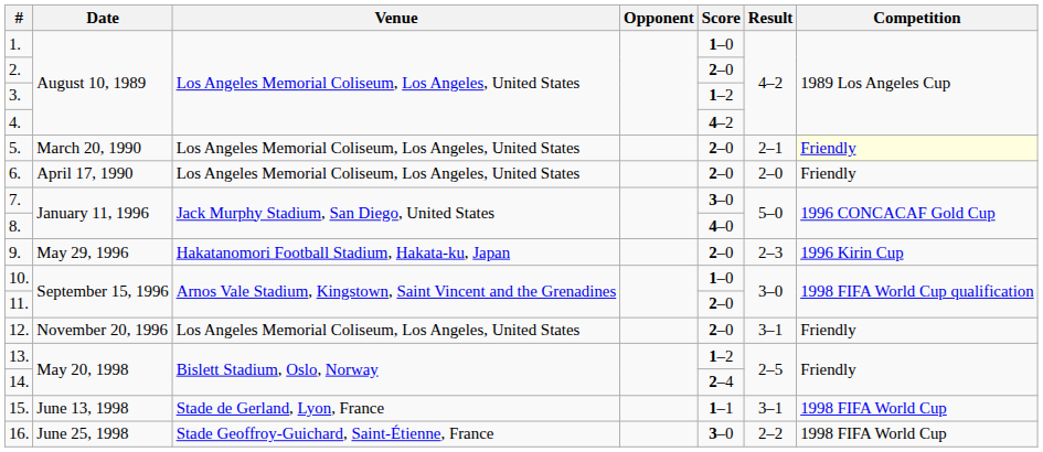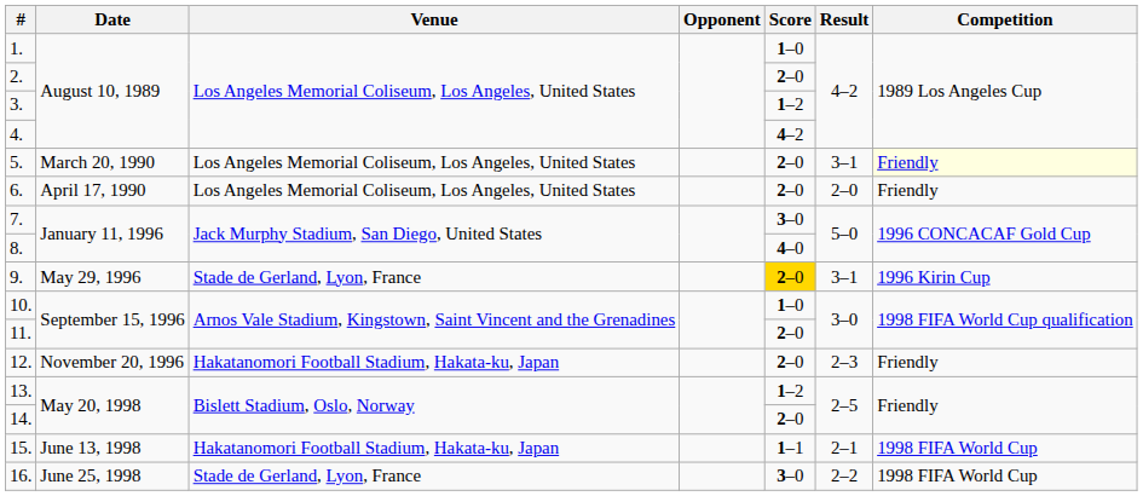 <table class="wikitable">
 <tr>
 <th>#</th>
 <th>Date</th>
 <th>Venue</th>
 <th>Opponent</th>
 <th>Score</th>
 <th>Result</th>
 <th>Competition</th>
 </tr>
 <tr>
 <td>1.</td>
 <td rowspan="4">August 10, 1989</td>
 <td rowspan="4"><a href='#'>Los Angeles Memorial Coliseum</a>, <a href='#'>Los Angeles</a>, United States</td>
 <td rowspan="4"></td>
 <td align=center><strong>1</strong>–0</td>
 <td align=center rowspan="4">4–2</td>
 <td rowspan="4">1989 Los Angeles Cup</td>
 </tr>
 <tr>
 <td>2.</td>
 <td align=center><strong>2</strong>–0</td>
 </tr>
 <tr>
 <td>3.</td>
 <td align=center><strong>1</strong>–2</td>
 </tr>
 <tr>
 <td>4.</td>
 <td align=center><strong>4</strong>–2</td>
 </tr>
 <tr>
 <td>5.</td>
 <td>March 20, 1990</td>
 <td>Los Angeles Memorial Coliseum, Los Angeles, United States</td>
 <td></td>
 <td align=center><strong>2</strong>–0</td>
-<td align=center>2–1</td>
+<td align=center>3–1</td>
 <td style="background: lightyellow;"><a href='#'>Friendly</a></td>
 </tr>
 <tr>
 <td>6.</td>
 <td>April 17, 1990</td>
 <td>Los Angeles Memorial Coliseum, Los Angeles, United States</td>
 <td></td>
 <td align=center><strong>2</strong>–0</td>
 <td align=center>2–0</td>
 <td>Friendly</td>
 </tr>
 <tr>
 <td>7.</td>
 <td rowspan="2">January 11, 1996</td>
 <td rowspan="2"><a href='#'>Jack Murphy Stadium</a>, <a href='#'>San Diego</a>, United States</td>
 <td rowspan="2"></td>
 <td align=center><strong>3</strong>–0</td>
 <td align=center rowspan="2">5–0</td>
 <td rowspan="2"><a href='#'>1996 CONCACAF Gold Cup</a></td>
 </tr>
 <tr>
 <td>8.</td>
 <td align=center><strong>4</strong>–0</td>
 </tr>
 <tr>
 <td>9.</td>
 <td>May 29, 1996</td>
-<td><a href='#'>Hakatanomori Football Stadium</a>, <a href='#'>Hakata-ku</a>, <a href='#'>Japan</a></td>
+<td><a href='#'>Stade de Gerland</a>, <a href='#'>Lyon</a>, France</td>
 <td></td>
-<td align=center><strong>2</strong>–0</td>
-<td align=center>2–3</td>
+<td align=center style="background: gold;"><strong>2</strong>–0</td>
+<td align=center>3–1</td>
 <td><a href='#'>1996 Kirin Cup</a></td>
 </tr>
 <tr>
 <td>10.</td>
 <td rowspan="2">September 15, 1996</td>
 <td rowspan="2"><a href='#'>Arnos Vale Stadium</a>, <a href='#'>Kingstown</a>, <a href='#'>Saint Vincent and the Grenadines</a></td>
 <td rowspan="2"></td>
 <td align=center><strong>1</strong>–0</td>
 <td align=center rowspan="2">3–0</td>
 <td rowspan="2"><a href='#'>1998 FIFA World Cup qualification</a></td>
 </tr>
 <tr>
 <td>11.</td>
 <td align=center><strong>2</strong>–0</td>
 </tr>
 <tr>
 <td>12.</td>
 <td>November 20, 1996</td>
-<td>Los Angeles Memorial Coliseum, Los Angeles, United States</td>
+<td><a href='#'>Hakatanomori Football Stadium</a>, <a href='#'>Hakata-ku</a>, <a href='#'>Japan</a></td>
 <td></td>
 <td align=center><strong>2</strong>–0</td>
-<td align=center>3–1</td>
+<td align=center>2–3</td>
 <td>Friendly</td>
 </tr>
 <tr>
 <td>13.</td>
 <td rowspan="2">May 20, 1998</td>
 <td rowspan="2"><a href='#'>Bislett Stadium</a>, <a href='#'>Oslo</a>, <a href='#'>Norway</a></td>
 <td rowspan="2"></td>
 <td align=center><strong>1</strong>–2</td>
 <td align=center rowspan="2">2–5</td>
 <td rowspan="2">Friendly</td>
 </tr>
 <tr>
 <td>14.</td>
-<td align=center><strong>2</strong>–4</td>
+<td align=center><strong>2</strong>–0</td>
 </tr>
 <tr>
 <td>15.</td>
 <td>June 13, 1998</td>
-<td><a href='#'>Stade de Gerland</a>, <a href='#'>Lyon</a>, France</td>
+<td><a href='#'>Hakatanomori Football Stadium</a>, <a href='#'>Hakata-ku</a>, <a href='#'>Japan</a></td>
 <td></td>
 <td align=center><strong>1</strong>–1</td>
-<td align=center>3–1</td>
+<td align=center>2–1</td>
 <td><a href='#'>1998 FIFA World Cup</a></td>
 </tr>
 <tr>
 <td>16.</td>
 <td>June 25, 1998</td>
-<td><a href='#'>Stade Geoffroy-Guichard</a>, <a href='#'>Saint-Étienne</a>, France</td>
+<td><a href='#'>Stade de Gerland</a>, <a href='#'>Lyon</a>, France</td>
 <td></td>
 <td align=center><strong>3</strong>–0</td>
 <td align=center>2–2</td>
 <td>1998 FIFA World Cup</td>
 </tr>
 </table>
